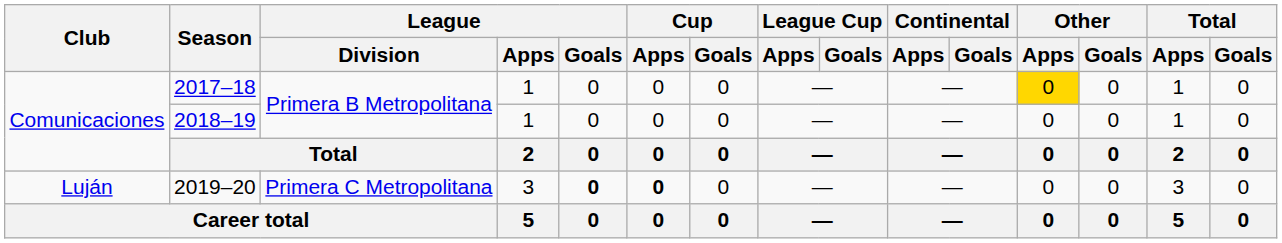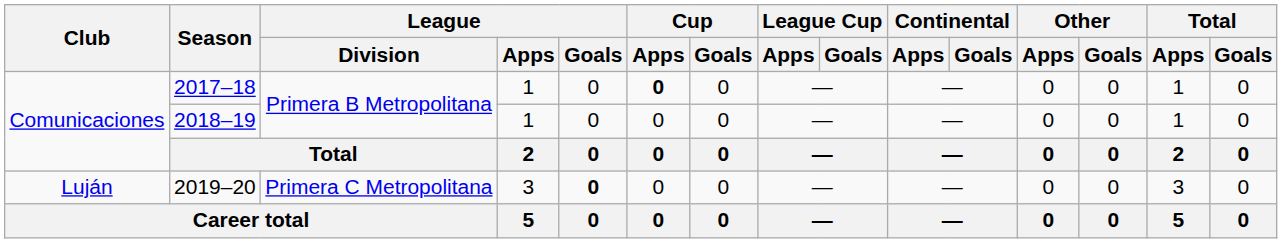 <table class="wikitable" style="text-align:center">
 <tr>
 <th rowspan="2">Club</th>
 <th rowspan="2">Season</th>
 <th colspan="3">League</th>
 <th colspan="2">Cup</th>
 <th colspan="2">League Cup</th>
 <th colspan="2">Continental</th>
 <th colspan="2">Other</th>
 <th colspan="2">Total</th>
 </tr>
 <tr>
 <th>Division</th>
 <th>Apps</th>
 <th>Goals</th>
 <th>Apps</th>
 <th>Goals</th>
 <th>Apps</th>
 <th>Goals</th>
 <th>Apps</th>
 <th>Goals</th>
 <th>Apps</th>
 <th>Goals</th>
 <th>Apps</th>
 <th>Goals</th>
 </tr>
 <tr>
 <td rowspan="3"><a href='#'>Comunicaciones</a></td>
 <td><a href='#'>2017–18</a></td>
 <td rowspan="2"><a href='#'>Primera B Metropolitana</a></td>
 <td>1</td>
 <td>0</td>
-<td>0</td>
+<td><strong>0</strong></td>
 <td>0</td>
 <td colspan="2">—</td>
 <td colspan="2">—</td>
-<td style="background: gold;">0</td>
+<td>0</td>
 <td>0</td>
 <td>1</td>
 <td>0</td>
 </tr>
 <tr>
 <td><a href='#'>2018–19</a></td>
 <td>1</td>
 <td>0</td>
 <td>0</td>
 <td>0</td>
 <td colspan="2">—</td>
 <td colspan="2">—</td>
 <td>0</td>
 <td>0</td>
 <td>1</td>
 <td>0</td>
 </tr>
 <tr>
 <th colspan="2">Total</th>
 <th>2</th>
 <th>0</th>
 <th>0</th>
 <th>0</th>
 <th colspan="2">—</th>
 <th colspan="2">—</th>
 <th>0</th>
 <th>0</th>
 <th>2</th>
 <th>0</th>
 </tr>
 <tr>
 <td rowspan="1"><a href='#'>Luján</a></td>
 <td>2019–20</td>
 <td rowspan="1"><a href='#'>Primera C Metropolitana</a></td>
 <td>3</td>
 <td><strong>0</strong></td>
-<td><strong>0</strong></td>
+<td>0</td>
 <td>0</td>
 <td colspan="2">—</td>
 <td colspan="2">—</td>
 <td>0</td>
 <td>0</td>
 <td>3</td>
 <td>0</td>
 </tr>
 <tr>
 <th colspan="3">Career total</th>
 <th>5</th>
 <th>0</th>
 <th>0</th>
 <th>0</th>
 <th colspan="2">—</th>
 <th colspan="2">—</th>
 <th>0</th>
 <th>0</th>
 <th>5</th>
 <th>0</th>
 </tr>
 </table>
